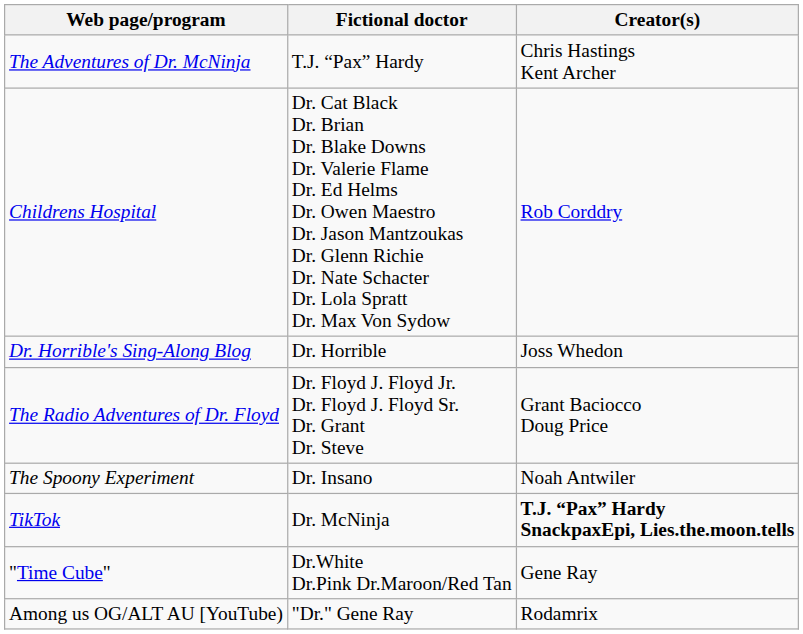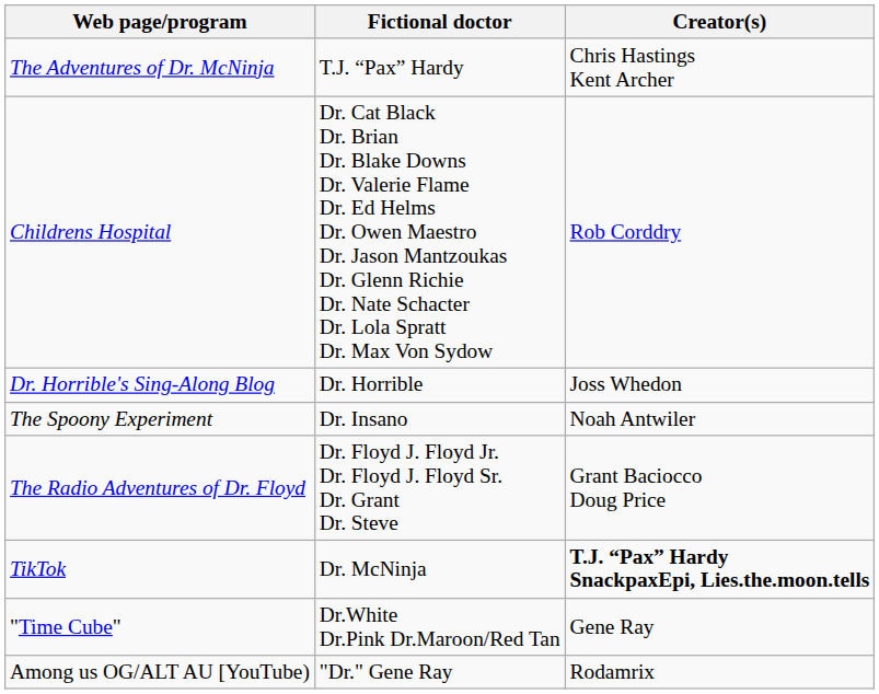 <table class="wikitable">
 <tr>
 <th>Web page/program</th>
 <th>Fictional doctor</th>
 <th>Creator(s)</th>
 </tr>
 <tr>
 <td><em><a href='#'>The Adventures of Dr. McNinja</a></em></td>
 <td>T.J. “Pax” Hardy</td>
 <td>Chris Hastings<br>Kent Archer</td>
 </tr>
 <tr>
 <td><em><a href='#'>Childrens Hospital</a></em></td>
 <td>Dr. Cat Black<br>Dr. Brian<br>Dr. Blake Downs<br>Dr. Valerie Flame<br>Dr. Ed Helms<br>Dr. Owen Maestro<br>Dr. Jason Mantzoukas<br>Dr. Glenn Richie<br>Dr. Nate Schacter<br>Dr. Lola Spratt<br>Dr. Max Von Sydow</td>
 <td><a href='#'>Rob Corddry</a></td>
 </tr>
 <tr>
 <td><em><a href='#'>Dr. Horrible's Sing-Along Blog</a></em></td>
 <td>Dr. Horrible</td>
 <td>Joss Whedon</td>
 </tr>
 <tr>
+<td><em>The Spoony Experiment</em></td>
+<td>Dr. Insano</td>
+<td>Noah Antwiler</td>
+</tr>
+<tr>
 <td><em><a href='#'>The Radio Adventures of Dr. Floyd</a></em></td>
 <td>Dr. Floyd J. Floyd Jr.<br> Dr. Floyd J. Floyd Sr.<br>Dr. Grant<br>Dr. Steve</td>
 <td>Grant Baciocco<br>Doug Price</td>
-</tr>
-<tr>
-<td><em>The Spoony Experiment</em></td>
-<td>Dr. Insano</td>
-<td>Noah Antwiler</td>
 </tr>
 <tr>
 <td><em><a href='#'>TikTok</a></em></td>
 <td>Dr. McNinja</td>
 <td><strong>T.J. “Pax” Hardy<br>SnackpaxEpi, Lies.the.moon.tells</strong></td>
 </tr>
 <tr>
 <td>"<a href='#'>Time Cube</a>"</td>
 <td>Dr.White<br>Dr.Pink Dr.Maroon/Red Tan</td>
 <td>Gene Ray</td>
 </tr>
 <tr>
 <td>Among us OG/ALT AU [YouTube)</td>
 <td>"Dr." Gene Ray</td>
 <td>Rodamrix</td>
 </tr>
 </table>
